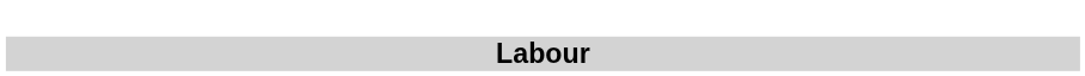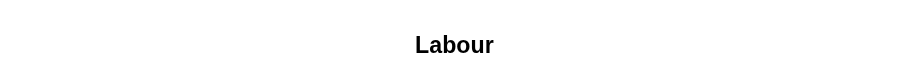 <table style="width:100%; text-align:center;">
 <tr style="color:white;">
 <td style="background:"><strong>96</strong></td>
 </tr>
 <tr>
-<td style="background: lightgrey;"><span><strong>Labour</strong></span></td>
+<td><span><strong>Labour</strong></span></td>
 </tr>
 </table>
